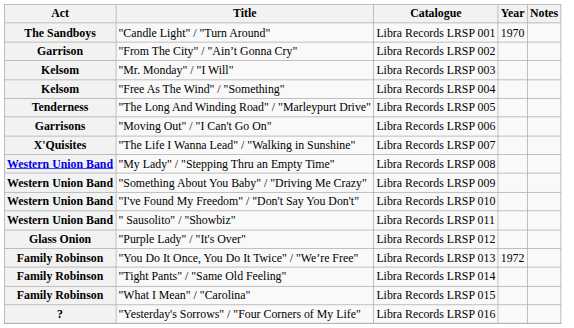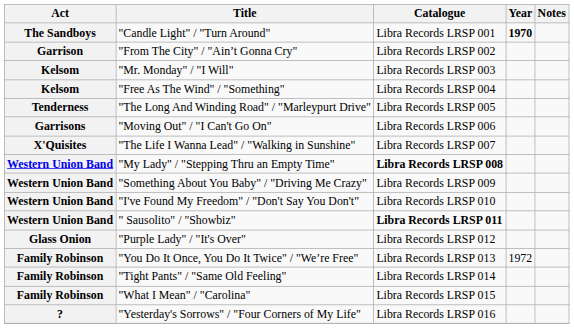 <table class="wikitable plainrowheaders sortable">
 <tr>
 <th scope="col">Act</th>
 <th scope="col">Title</th>
 <th scope="col">Catalogue</th>
 <th scope="col">Year</th>
 <th scope="col" class="unsortable">Notes</th>
 </tr>
 <tr>
 <th scope="row">The Sandboys</th>
 <td>"Candle Light" / "Turn Around"</td>
 <td>Libra Records LRSP 001</td>
-<td>1970</td>
+<td><strong>1970</strong></td>
 <td></td>
 </tr>
 <tr>
 <th scope="row">Garrison</th>
 <td>"From The City" / "Ain’t Gonna Cry"</td>
 <td>Libra Records LRSP 002</td>
 <td></td>
 <td></td>
 </tr>
 <tr>
 <th scope="row">Kelsom</th>
 <td>"Mr. Monday" / "I Will"</td>
 <td>Libra Records LRSP 003</td>
 <td></td>
 <td></td>
 </tr>
 <tr>
 <th scope="row">Kelsom</th>
 <td>"Free As The Wind" / "Something"</td>
 <td>Libra Records LRSP 004</td>
 <td></td>
 <td></td>
 </tr>
 <tr>
 <th scope="row">Tenderness</th>
 <td>"The Long And Winding Road" / "Marleypurt Drive"</td>
 <td>Libra Records LRSP 005</td>
 <td></td>
 <td></td>
 </tr>
 <tr>
 <th scope="row">Garrisons</th>
 <td>"Moving Out" / "I Can't Go On"</td>
 <td>Libra Records LRSP 006</td>
 <td></td>
 <td></td>
 </tr>
 <tr>
 <th scope="row">X'Quisites</th>
 <td>"The Life I Wanna Lead" / "Walking in Sunshine"</td>
 <td>Libra Records LRSP 007</td>
 <td></td>
 <td></td>
 </tr>
 <tr>
 <th scope="row"><a href='#'>Western Union Band</a></th>
 <td>"My Lady" / "Stepping Thru an Empty Time"</td>
-<td>Libra Records LRSP 008</td>
+<td><strong>Libra Records LRSP 008</strong></td>
 <td></td>
 <td></td>
 </tr>
 <tr>
 <th scope="row">Western Union Band</th>
 <td>"Something About You Baby" / "Driving Me Crazy"</td>
 <td>Libra Records LRSP 009</td>
 <td></td>
 <td></td>
 </tr>
 <tr>
 <th scope="row">Western Union Band</th>
 <td>"I've Found My Freedom" / "Don't Say You Don't"</td>
 <td>Libra Records LRSP 010</td>
 <td></td>
 <td></td>
 </tr>
 <tr>
 <th scope="row">Western Union Band</th>
 <td>" Sausolito" / "Showbiz"</td>
-<td>Libra Records LRSP 011</td>
+<td><strong>Libra Records LRSP 011</strong></td>
 <td></td>
 <td></td>
 </tr>
 <tr>
 <th scope="row">Glass Onion</th>
 <td>"Purple Lady" / "It's Over"</td>
 <td>Libra Records LRSP 012</td>
 <td></td>
 <td></td>
 </tr>
 <tr>
 <th scope="row">Family Robinson</th>
 <td>"You Do It Once, You Do It Twice" / "We’re Free"</td>
 <td>Libra Records LRSP 013</td>
 <td>1972</td>
 <td></td>
 </tr>
 <tr>
 <th scope="row">Family Robinson</th>
 <td>"Tight Pants" / "Same Old Feeling"</td>
 <td>Libra Records LRSP 014</td>
 <td></td>
 <td></td>
 </tr>
 <tr>
 <th scope="row">Family Robinson</th>
 <td>"What I Mean" / "Carolina"</td>
 <td>Libra Records LRSP 015</td>
 <td></td>
 <td></td>
 </tr>
 <tr>
 <th scope="row">?</th>
 <td>"Yesterday's Sorrows" / "Four Corners of My Life"</td>
 <td>Libra Records LRSP 016</td>
 <td></td>
 <td></td>
 </tr>
 <tr>
 </tr>
 </table>
